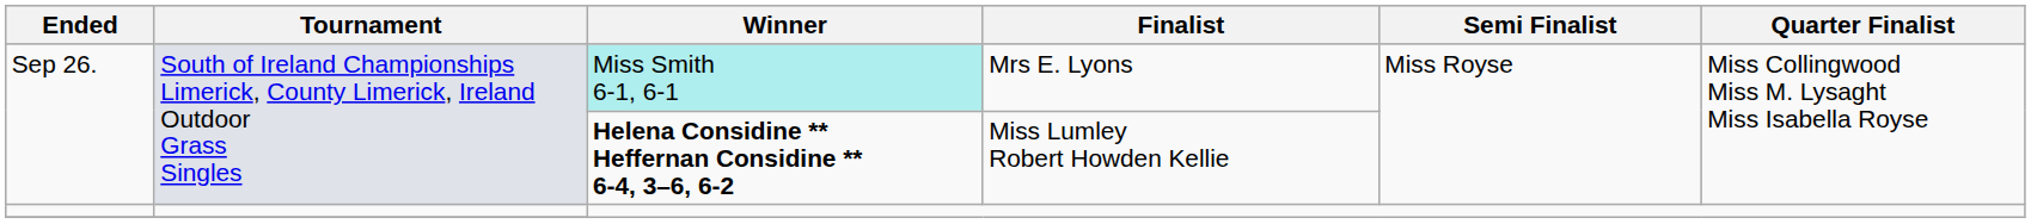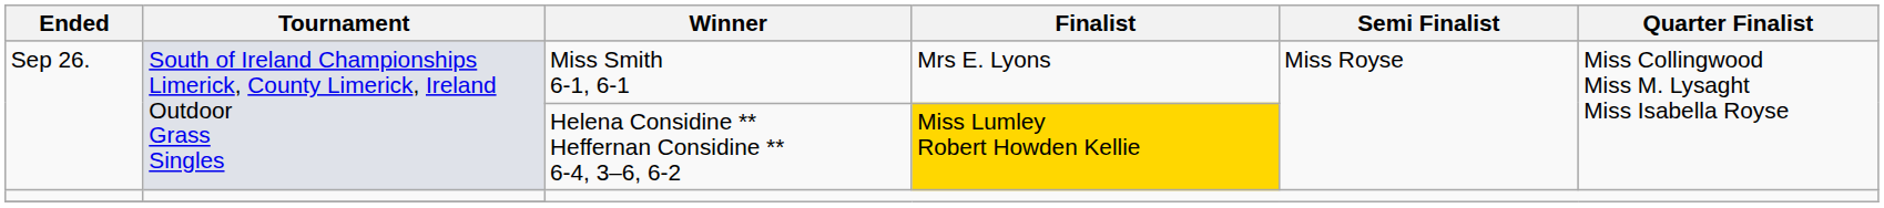 <table class="wikitable" style="font-size:85%;">
 <tr>
 <th width="75">Ended</th>
 <th width="230">Tournament</th>
 <th width="210">Winner</th>
 <th width="210">Finalist</th>
 <th width="170">Semi Finalist</th>
 <th width="170">Quarter Finalist</th>
 </tr>
 <tr valign=top>
 <td rowspan=2>Sep 26.</td>
 <td style="background:#dfe2e9" rowspan=2><a href='#'>South of Ireland Championships</a><br><a href='#'>Limerick</a>, <a href='#'>County Limerick</a>, <a href='#'>Ireland</a><br>Outdoor<br><a href='#'>Grass</a><br><a href='#'>Singles</a></td>
-<td style="background: paleturquoise;"> Miss Smith<br>6-1, 6-1</td>
+<td> Miss Smith<br>6-1, 6-1</td>
 <td> Mrs E. Lyons</td>
 <td rowspan=2> Miss Royse</td>
 <td rowspan=2> Miss Collingwood<br> Miss M. Lysaght<br> Miss Isabella Royse<br></td>
 </tr>
 <tr valign=top>
-<td><strong> Helena Considine ** <br> Heffernan Considine **<br>6-4, 3–6, 6-2</strong></td>
-<td> Miss Lumley <br> Robert Howden Kellie</td>
+<td> Helena Considine ** <br> Heffernan Considine **<br>6-4, 3–6, 6-2</td>
+<td style="background: gold;"> Miss Lumley <br> Robert Howden Kellie</td>
 </tr>
 <tr valign=top>
 <td></td>
 <td></td>
 </tr>
 <tr valign=top>
 </tr>
 </table>
